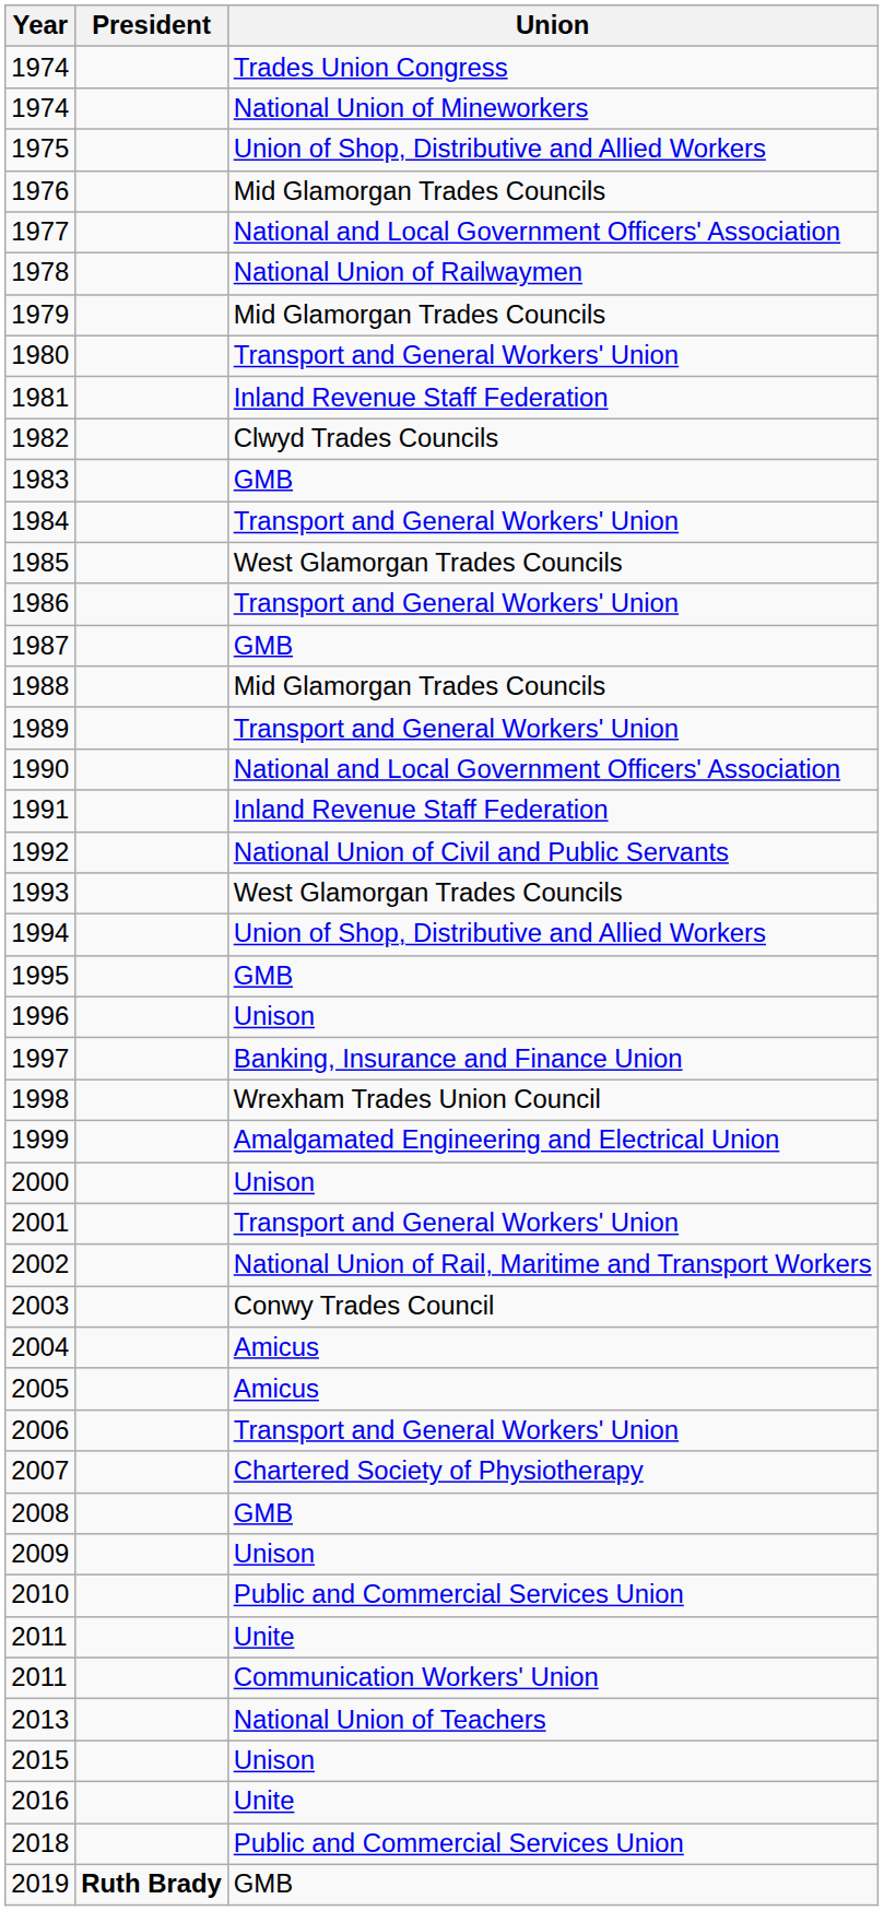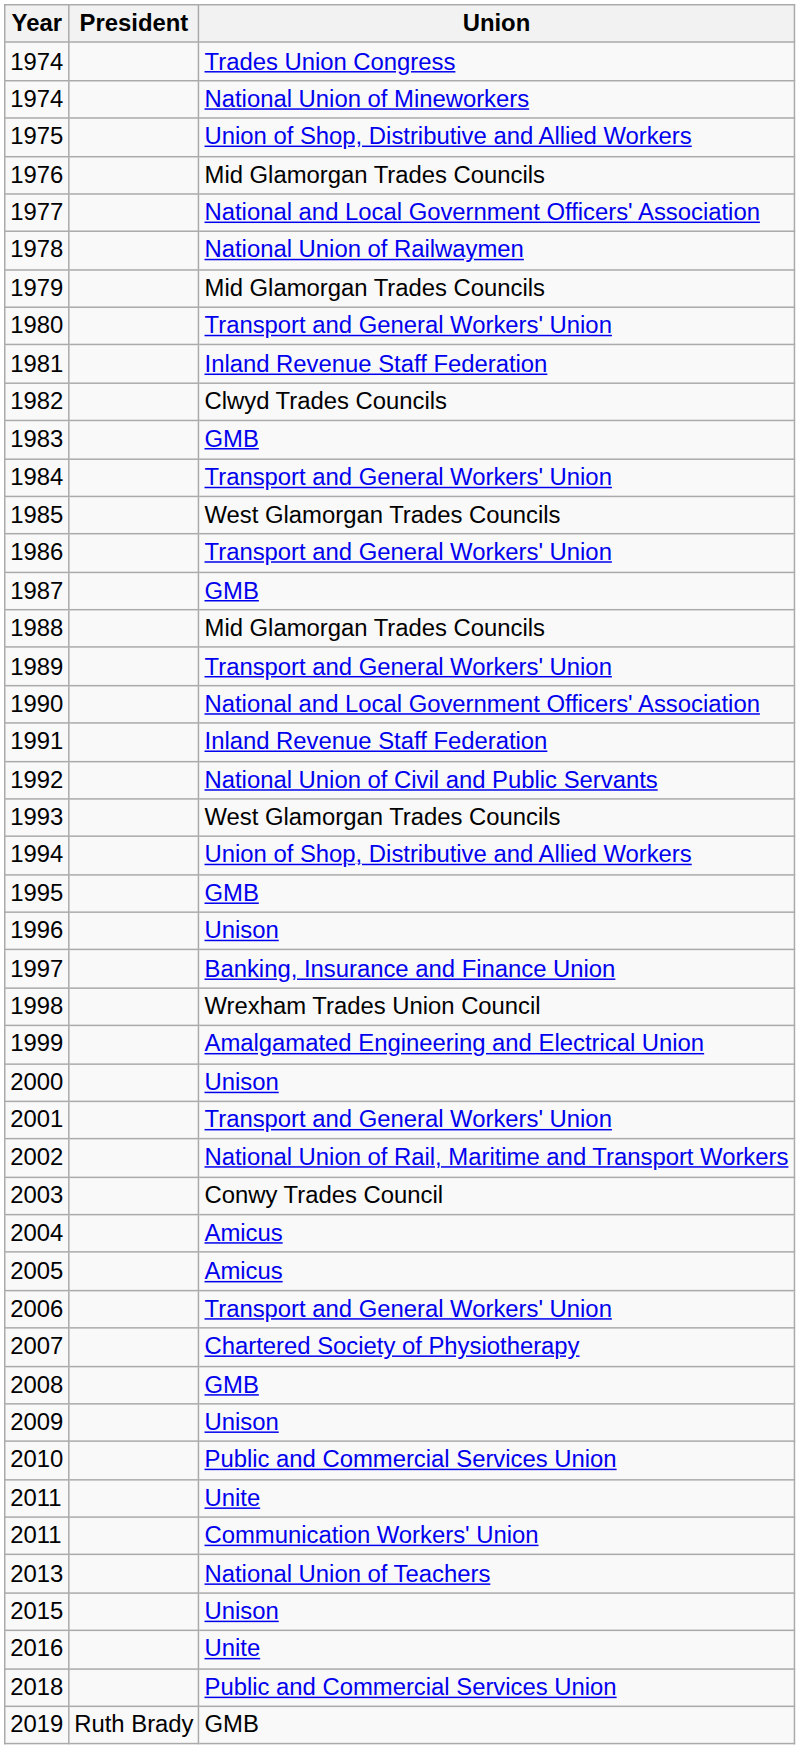 <table class="wikitable sortable">
 <tr>
 <th>Year</th>
 <th>President</th>
 <th>Union</th>
 </tr>
 <tr>
 <td>1974</td>
 <td></td>
 <td><a href='#'>Trades Union Congress</a></td>
 </tr>
 <tr>
 <td>1974</td>
 <td></td>
 <td><a href='#'>National Union of Mineworkers</a></td>
 </tr>
 <tr>
 <td>1975</td>
 <td></td>
 <td><a href='#'>Union of Shop, Distributive and Allied Workers</a></td>
 </tr>
 <tr>
 <td>1976</td>
 <td></td>
 <td>Mid Glamorgan Trades Councils</td>
 </tr>
 <tr>
 <td>1977</td>
 <td></td>
 <td><a href='#'>National and Local Government Officers' Association</a></td>
 </tr>
 <tr>
 <td>1978</td>
 <td></td>
 <td><a href='#'>National Union of Railwaymen</a></td>
 </tr>
 <tr>
 <td>1979</td>
 <td></td>
 <td>Mid Glamorgan Trades Councils</td>
 </tr>
 <tr>
 <td>1980</td>
 <td></td>
 <td><a href='#'>Transport and General Workers' Union</a></td>
 </tr>
 <tr>
 <td>1981</td>
 <td></td>
 <td><a href='#'>Inland Revenue Staff Federation</a></td>
 </tr>
 <tr>
 <td>1982</td>
 <td></td>
 <td>Clwyd Trades Councils</td>
 </tr>
 <tr>
 <td>1983</td>
 <td></td>
 <td><a href='#'>GMB</a></td>
 </tr>
 <tr>
 <td>1984</td>
 <td></td>
 <td><a href='#'>Transport and General Workers' Union</a></td>
 </tr>
 <tr>
 <td>1985</td>
 <td></td>
 <td>West Glamorgan Trades Councils</td>
 </tr>
 <tr>
 <td>1986</td>
 <td></td>
 <td><a href='#'>Transport and General Workers' Union</a></td>
 </tr>
 <tr>
 <td>1987</td>
 <td></td>
 <td><a href='#'>GMB</a></td>
 </tr>
 <tr>
 <td>1988</td>
 <td></td>
 <td>Mid Glamorgan Trades Councils</td>
 </tr>
 <tr>
 <td>1989</td>
 <td></td>
 <td><a href='#'>Transport and General Workers' Union</a></td>
 </tr>
 <tr>
 <td>1990</td>
 <td></td>
 <td><a href='#'>National and Local Government Officers' Association</a></td>
 </tr>
 <tr>
 <td>1991</td>
 <td></td>
 <td><a href='#'>Inland Revenue Staff Federation</a></td>
 </tr>
 <tr>
 <td>1992</td>
 <td></td>
 <td><a href='#'>National Union of Civil and Public Servants</a></td>
 </tr>
 <tr>
 <td>1993</td>
 <td></td>
 <td>West Glamorgan Trades Councils</td>
 </tr>
 <tr>
 <td>1994</td>
 <td></td>
 <td><a href='#'>Union of Shop, Distributive and Allied Workers</a></td>
 </tr>
 <tr>
 <td>1995</td>
 <td></td>
 <td><a href='#'>GMB</a></td>
 </tr>
 <tr>
 <td>1996</td>
 <td></td>
 <td><a href='#'>Unison</a></td>
 </tr>
 <tr>
 <td>1997</td>
 <td></td>
 <td><a href='#'>Banking, Insurance and Finance Union</a></td>
 </tr>
 <tr>
 <td>1998</td>
 <td></td>
 <td>Wrexham Trades Union Council</td>
 </tr>
 <tr>
 <td>1999</td>
 <td></td>
 <td><a href='#'>Amalgamated Engineering and Electrical Union</a></td>
 </tr>
 <tr>
 <td>2000</td>
 <td></td>
 <td><a href='#'>Unison</a></td>
 </tr>
 <tr>
 <td>2001</td>
 <td></td>
 <td><a href='#'>Transport and General Workers' Union</a></td>
 </tr>
 <tr>
 <td>2002</td>
 <td></td>
 <td><a href='#'>National Union of Rail, Maritime and Transport Workers</a></td>
 </tr>
 <tr>
 <td>2003</td>
 <td></td>
 <td>Conwy Trades Council</td>
 </tr>
 <tr>
 <td>2004</td>
 <td></td>
 <td><a href='#'>Amicus</a></td>
 </tr>
 <tr>
 <td>2005</td>
 <td></td>
 <td><a href='#'>Amicus</a></td>
 </tr>
 <tr>
 <td>2006</td>
 <td></td>
 <td><a href='#'>Transport and General Workers' Union</a></td>
 </tr>
 <tr>
 <td>2007</td>
 <td></td>
 <td><a href='#'>Chartered Society of Physiotherapy</a></td>
 </tr>
 <tr>
 <td>2008</td>
 <td></td>
 <td><a href='#'>GMB</a></td>
 </tr>
 <tr>
 <td>2009</td>
 <td></td>
 <td><a href='#'>Unison</a></td>
 </tr>
 <tr>
 <td>2010</td>
 <td></td>
 <td><a href='#'>Public and Commercial Services Union</a></td>
 </tr>
 <tr>
 <td>2011</td>
 <td></td>
 <td><a href='#'>Unite</a></td>
 </tr>
 <tr>
 <td>2011</td>
 <td></td>
 <td><a href='#'>Communication Workers' Union</a></td>
 </tr>
 <tr>
 <td>2013</td>
 <td></td>
 <td><a href='#'>National Union of Teachers</a></td>
 </tr>
 <tr>
 <td>2015</td>
 <td></td>
 <td><a href='#'>Unison</a></td>
 </tr>
 <tr>
 <td>2016</td>
 <td></td>
 <td><a href='#'>Unite</a></td>
 </tr>
 <tr>
 <td>2018</td>
 <td></td>
 <td><a href='#'>Public and Commercial Services Union</a></td>
 </tr>
 <tr>
 <td>2019</td>
-<td><strong>Ruth Brady</strong></td>
+<td>Ruth Brady</td>
 <td>GMB</td>
 </tr>
 </table>
